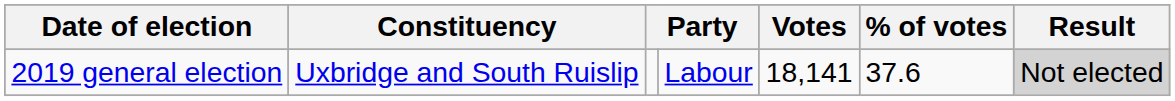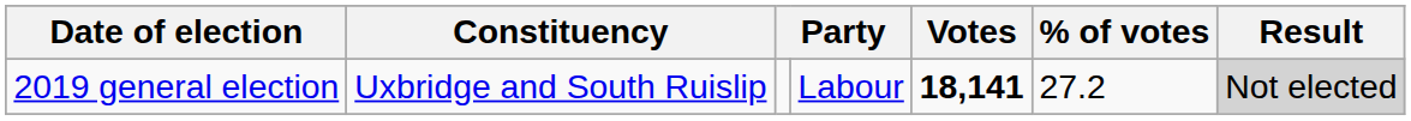 <table class="wikitable">
 <tr>
 <th>Date of election</th>
 <th>Constituency</th>
 <th colspan="2">Party</th>
 <th>Votes</th>
 <th>% of votes</th>
 <th>Result</th>
 </tr>
 <tr>
 <td><a href='#'>2019 general election</a></td>
 <td><a href='#'>Uxbridge and South Ruislip</a></td>
 <td style="background-color: "></td>
 <td><a href='#'>Labour</a></td>
-<td>18,141</td>
-<td>37.6</td>
+<td><strong>18,141</strong></td>
+<td>27.2</td>
 <td style="background: lightgrey;">Not elected</td>
 </tr>
 </table>
